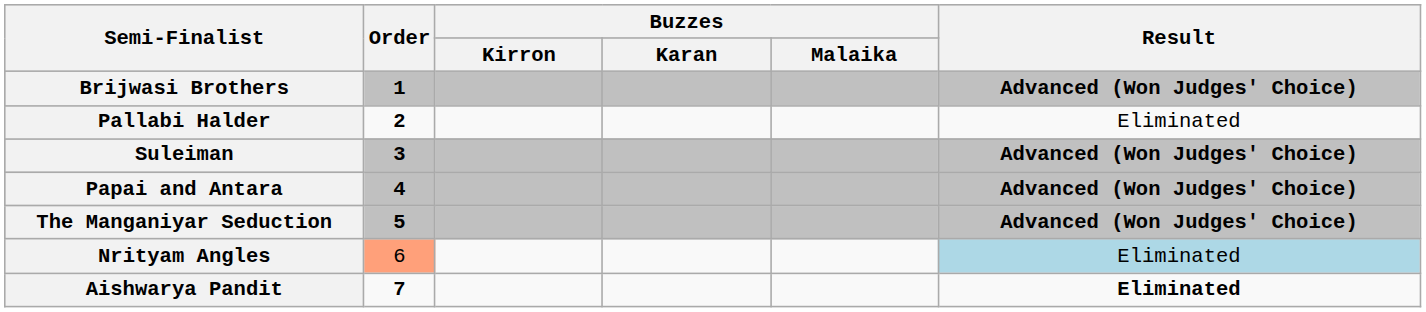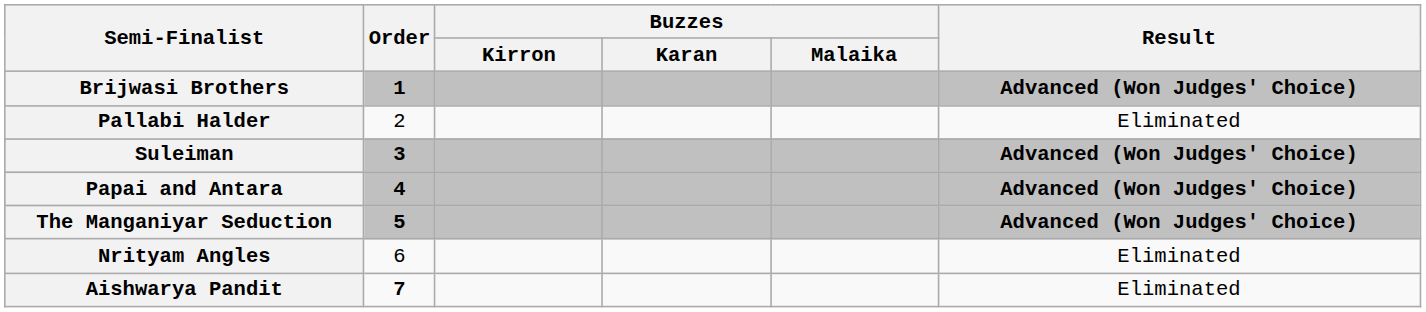 <table class="wikitable plainrowheaders sortable" style="text-align:center;">
 <tr>
 <th rowspan="2" scope="col" class="unsortable" style="width:17em;">Semi-Finalist</th>
 <th rowspan="2" scope="col" style="width:1em;">Order</th>
 <th colspan="3" scope="col" class="unsortable" style="width:24em;">Buzzes</th>
 <th rowspan="2" scope="col" style="width:23em;">Result</th>
 </tr>
 <tr>
 <th scope="col" class="unsortable" style="width:6em;">Kirron</th>
 <th scope="col" class="unsortable" style="width:6em;">Karan</th>
 <th scope="col" class="unsortable" style="width:6em;">Malaika</th>
 </tr>
 <tr style="background:silver;">
 <th scope="row"><strong>Brijwasi Brothers</strong></th>
 <td><strong>1</strong></td>
 <td style="text-align:center;"></td>
 <td></td>
 <td></td>
 <td><strong>Advanced (Won Judges' Choice)</strong></td>
 </tr>
 <tr>
 <th scope="row">Pallabi Halder</th>
-<td><strong>2</strong></td>
+<td>2</td>
 <td style="text-align:center;"></td>
 <td style="text-align:center;"></td>
 <td style="text-align:center;"></td>
 <td>Eliminated</td>
 </tr>
 <tr style="background:silver;">
 <th scope="row"><strong>Suleiman</strong></th>
 <td><strong>3</strong></td>
 <td style="text-align:center;"></td>
 <td></td>
 <td></td>
 <td><strong>Advanced (Won Judges' Choice)</strong></td>
 </tr>
 <tr style="background:silver;">
 <th scope="row"><strong>Papai and Antara</strong></th>
 <td><strong>4</strong></td>
 <td style="text-align:center;"></td>
 <td></td>
 <td></td>
 <td><strong>Advanced (Won Judges' Choice)</strong></td>
 </tr>
 <tr style="background:silver;">
 <th scope="row"><strong>The Manganiyar Seduction</strong></th>
 <td><strong>5</strong></td>
 <td style="text-align:center;"></td>
 <td></td>
 <td></td>
 <td><strong>Advanced (Won Judges' Choice)</strong></td>
 </tr>
 <tr>
 <th scope="row">Nrityam Angles</th>
-<td style="background: lightsalmon;">6</td>
+<td>6</td>
 <td style="text-align:center;"></td>
 <td style="text-align:center;"></td>
 <td style="text-align:center;"></td>
-<td style="background: lightblue;">Eliminated</td>
+<td>Eliminated</td>
 </tr>
 <tr>
 <th scope="row">Aishwarya Pandit</th>
 <td><strong>7</strong></td>
 <td style="text-align:center;"></td>
 <td style="text-align:center;"></td>
 <td style="text-align:center;"></td>
-<td><strong>Eliminated</strong></td>
+<td>Eliminated</td>
 </tr>
 </table>
